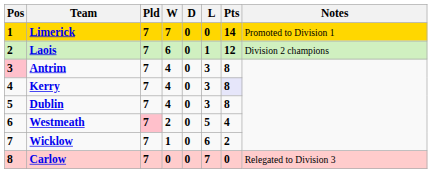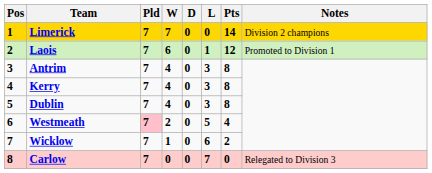 <table class="wikitable" style="text-align: centre;">
 <tr>
 <th width=20>Pos</th>
 <th width=150>Team</th>
 <th width=20>Pld</th>
 <th width=20>W</th>
 <th width=20>D</th>
 <th width=20>L</th>
 <th width=20>Pts</th>
 <th width=250>Notes</th>
 </tr>
 <tr style="background:gold;">
 <td><strong>1</strong></td>
 <td align=left><strong> <a href='#'>Limerick</a> </strong></td>
 <td><strong>7</strong></td>
 <td><strong>7</strong></td>
 <td><strong>0</strong></td>
 <td><strong>0</strong></td>
 <td><strong>14</strong></td>
-<td><small> Promoted to Division 1 </small></td>
+<td><small> Division 2 champions</small></td>
 </tr>
 <tr style="background:#d0f0c0;">
 <td><strong>2</strong></td>
 <td align=left><strong> <a href='#'>Laois</a> </strong></td>
 <td><strong>7</strong></td>
 <td><strong>6</strong></td>
 <td><strong>0</strong></td>
 <td><strong>1</strong></td>
 <td><strong>12</strong></td>
-<td><small> Division 2 champions</small></td>
+<td><small> Promoted to Division 1 </small></td>
 </tr>
 <tr>
-<td style="background: pink;"><strong>3</strong></td>
+<td><strong>3</strong></td>
 <td align=left><strong> <a href='#'>Antrim</a> </strong></td>
 <td><strong>7</strong></td>
 <td><strong>4</strong></td>
 <td><strong>0</strong></td>
 <td><strong>3</strong></td>
 <td><strong>8</strong></td>
 </tr>
 <tr>
 <td><strong>4</strong></td>
 <td align=left><strong> <a href='#'>Kerry</a> </strong></td>
 <td><strong>7</strong></td>
 <td><strong>4</strong></td>
 <td><strong>0</strong></td>
 <td><strong>3</strong></td>
-<td style="background: lavender;"><strong>8</strong></td>
+<td><strong>8</strong></td>
 </tr>
 <tr>
 <td><strong>5</strong></td>
 <td align=left><strong> <a href='#'>Dublin</a> </strong></td>
 <td><strong>7</strong></td>
 <td><strong>4</strong></td>
 <td><strong>0</strong></td>
 <td><strong>3</strong></td>
 <td><strong>8</strong></td>
 </tr>
 <tr style>
 <td><strong>6</strong></td>
 <td align=left><strong> <a href='#'>Westmeath</a> </strong></td>
 <td style="background: pink;"><strong>7</strong></td>
 <td><strong>2</strong></td>
 <td><strong>0</strong></td>
 <td><strong>5</strong></td>
 <td><strong>4</strong></td>
 </tr>
 <tr>
 <td><strong>7</strong></td>
 <td align=left><strong> <a href='#'>Wicklow</a> </strong></td>
 <td><strong>7</strong></td>
 <td><strong>1</strong></td>
 <td><strong>0</strong></td>
 <td><strong>6</strong></td>
 <td><strong>2</strong></td>
 </tr>
 <tr style="background:#fcc;">
 <td><strong>8</strong></td>
 <td align=left><strong> <a href='#'>Carlow</a> </strong></td>
 <td><strong>7</strong></td>
 <td><strong>0</strong></td>
 <td><strong>0</strong></td>
 <td><strong>7</strong></td>
 <td><strong>0</strong></td>
 <td><small> Relegated to Division 3</small></td>
 </tr>
 </table>
